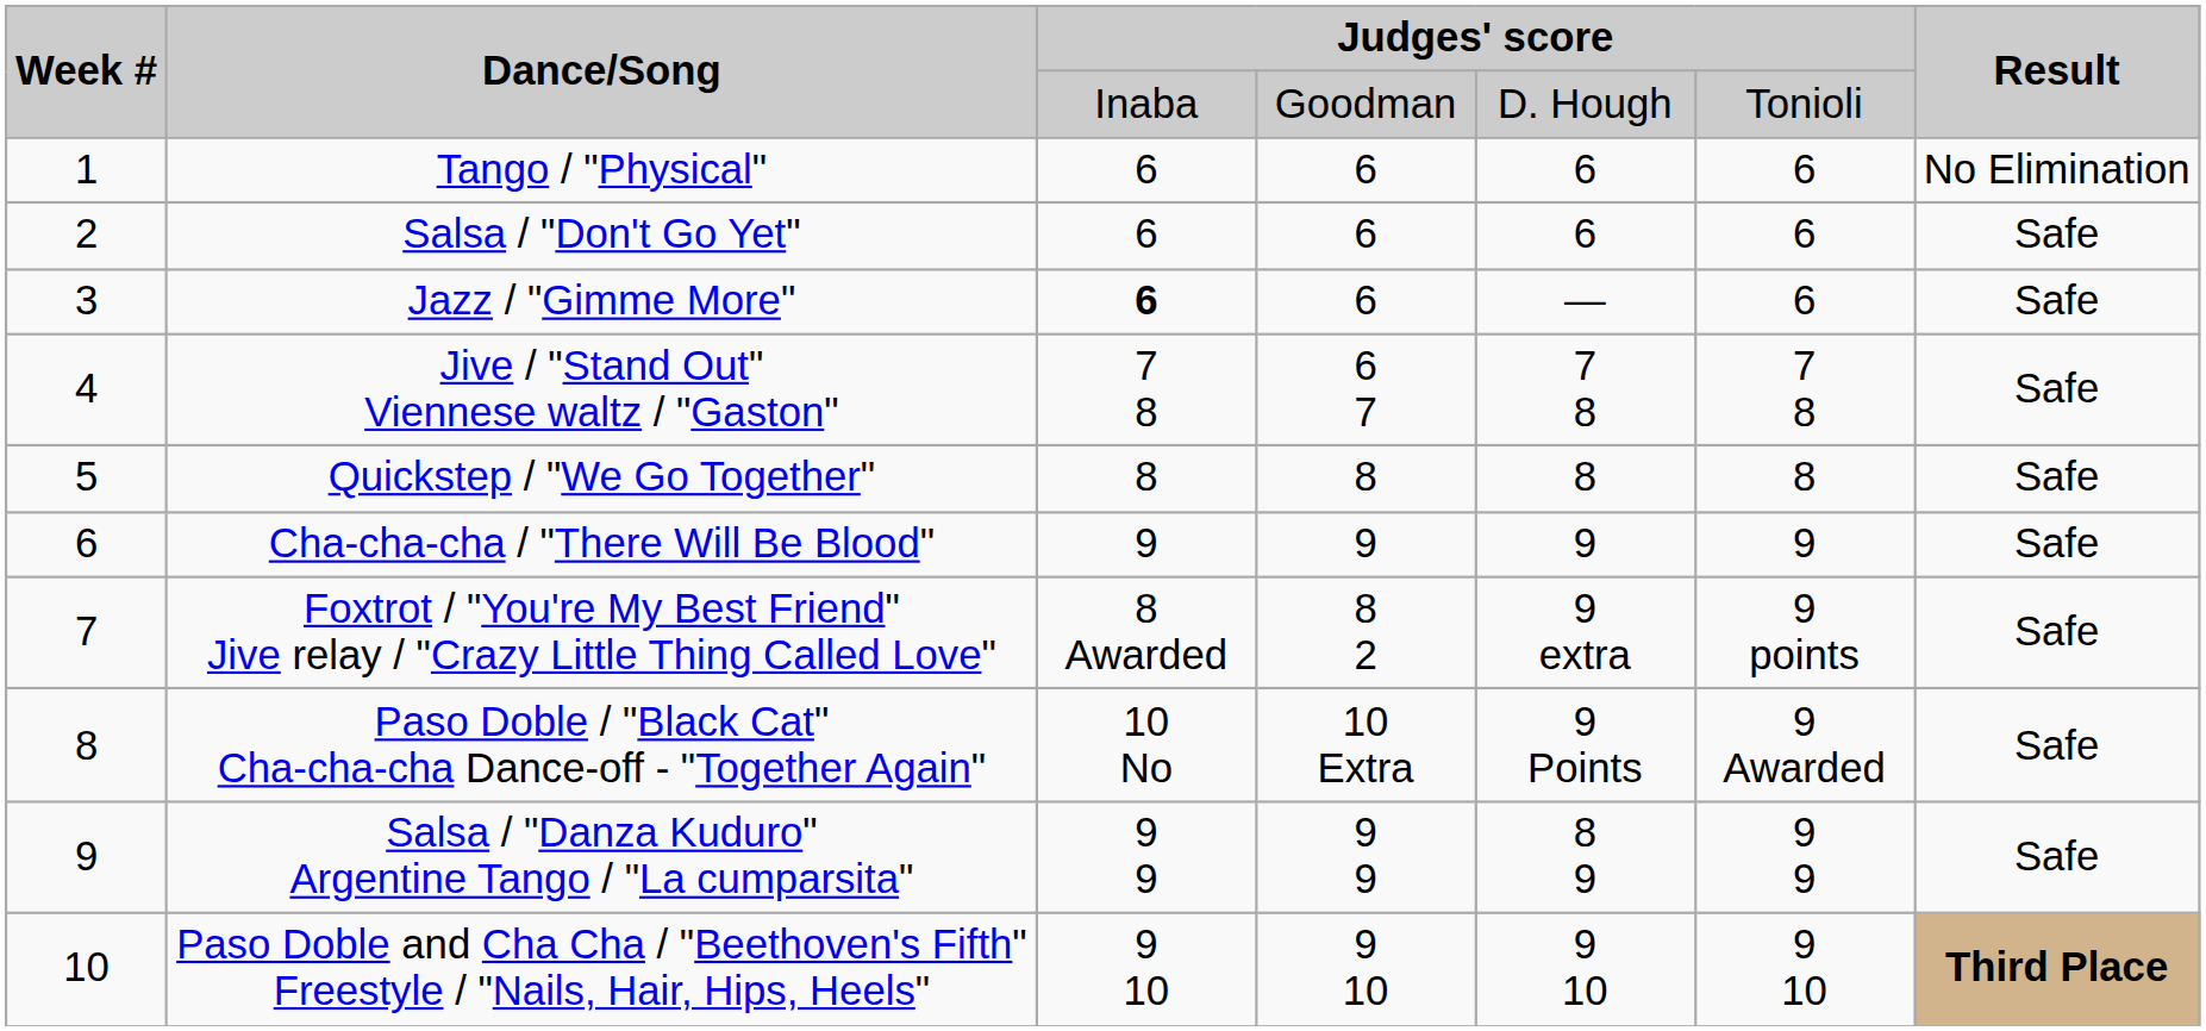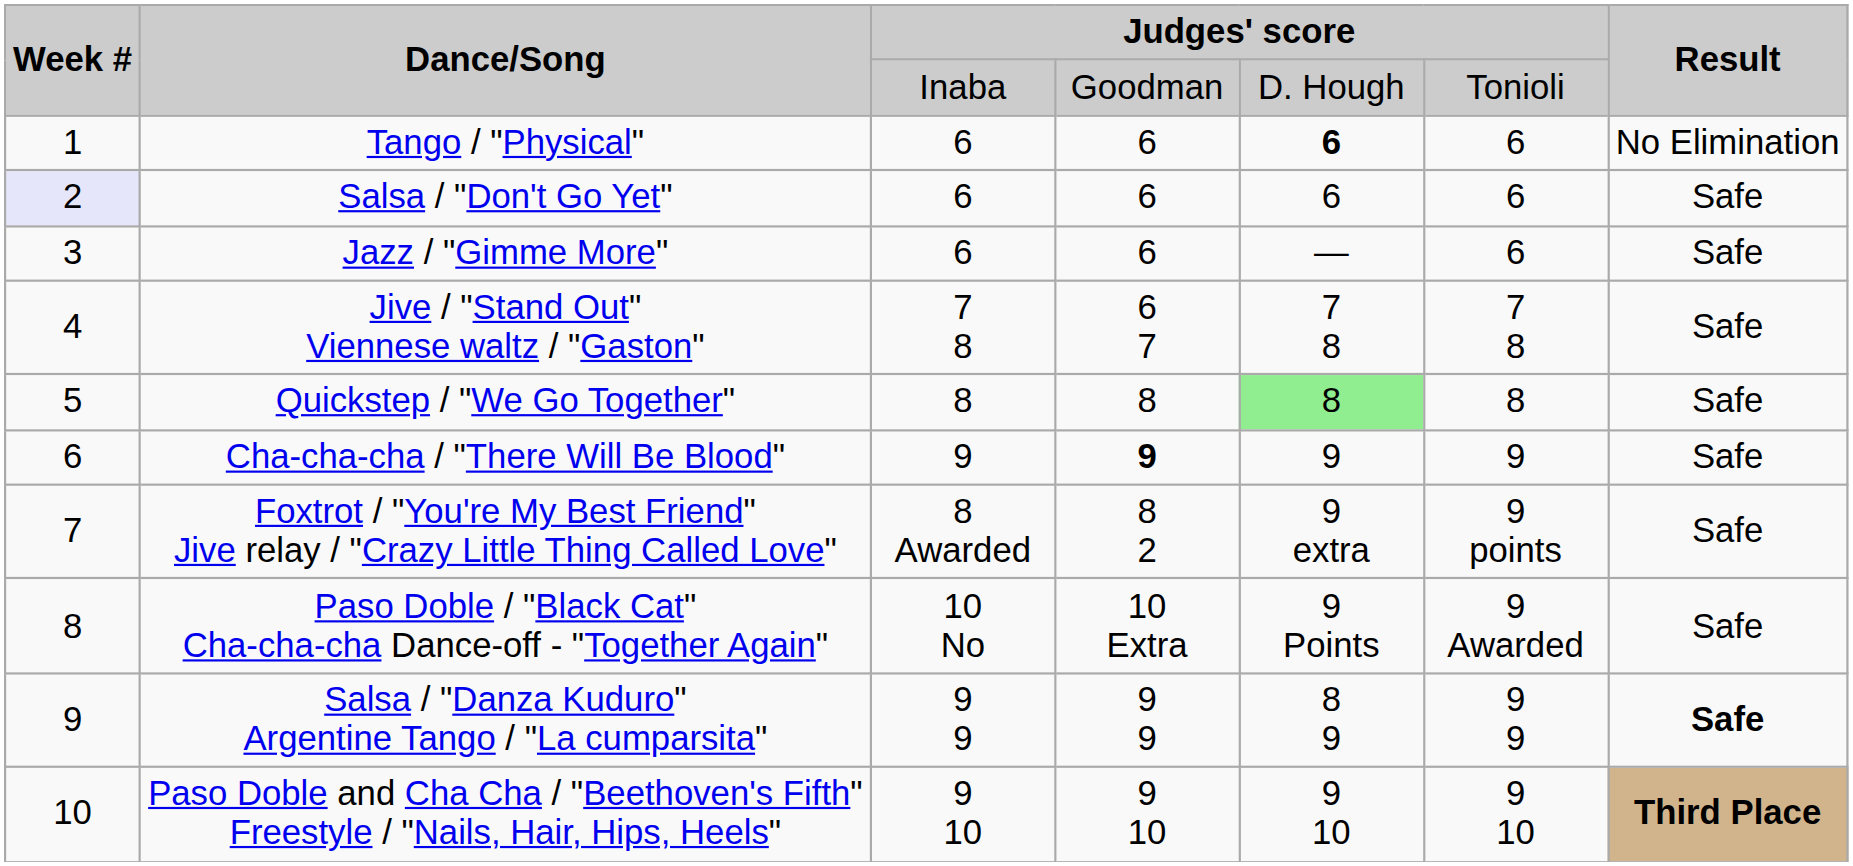 <table class="wikitable" style="text-align:center">
 <tr>
 <th rowspan="2" style="background:#ccc;">Week #</th>
 <th rowspan="2" style="background:#ccc;">Dance/Song</th>
 <th colspan="4" style="background:#ccc;">Judges' score</th>
 <th rowspan="2" style="background:#ccc;">Result</th>
 </tr>
 <tr style="background:#ccc;">
 <td style="width:10%;">Inaba</td>
 <td style="width:10%;">Goodman</td>
 <td style="width:10%;">D. Hough</td>
 <td style="width:10%;">Tonioli</td>
 </tr>
 <tr>
 <td>1</td>
 <td><a href='#'>Tango</a> / "<a href='#'>Physical</a>"</td>
 <td>6</td>
 <td>6</td>
-<td>6</td>
+<td><strong>6</strong></td>
 <td>6</td>
 <td>No Elimination</td>
 </tr>
 <tr>
-<td>2</td>
+<td style="background: lavender;">2</td>
 <td><a href='#'>Salsa</a> / "<a href='#'>Don't Go Yet</a>"</td>
 <td>6</td>
 <td>6</td>
 <td>6</td>
 <td>6</td>
 <td>Safe</td>
 </tr>
 <tr>
 <td>3</td>
 <td><a href='#'>Jazz</a> / "<a href='#'>Gimme More</a>"</td>
-<td><strong>6</strong></td>
+<td>6</td>
 <td>6</td>
 <td>—</td>
 <td>6</td>
 <td>Safe</td>
 </tr>
 <tr>
 <td>4</td>
 <td><a href='#'>Jive</a> / "<a href='#'>Stand Out</a>" <br><a href='#'>Viennese waltz</a> / "<a href='#'>Gaston</a>"</td>
 <td>7<br>8</td>
 <td>6<br>7</td>
 <td>7<br>8</td>
 <td>7<br>8</td>
 <td>Safe</td>
 </tr>
 <tr>
 <td>5</td>
 <td><a href='#'>Quickstep</a> / "<a href='#'>We Go Together</a>"</td>
 <td>8</td>
 <td>8</td>
-<td>8</td>
+<td style="background: lightgreen;">8</td>
 <td>8</td>
 <td>Safe</td>
 </tr>
 <tr>
 <td>6</td>
 <td><a href='#'>Cha-cha-cha</a> / "<a href='#'>There Will Be Blood</a>"</td>
 <td>9</td>
-<td>9</td>
+<td><strong>9</strong></td>
 <td>9</td>
 <td>9</td>
 <td>Safe</td>
 </tr>
 <tr>
 <td>7</td>
 <td><a href='#'>Foxtrot</a> / "<a href='#'>You're My Best Friend</a>"<br><a href='#'>Jive</a> relay / "<a href='#'>Crazy Little Thing Called Love</a>"</td>
 <td>8<br>Awarded</td>
 <td>8<br>2</td>
 <td>9<br>extra</td>
 <td>9<br>points</td>
 <td>Safe</td>
 </tr>
 <tr>
 <td>8</td>
 <td><a href='#'>Paso Doble</a> / "<a href='#'>Black Cat</a>"<br><a href='#'>Cha-cha-cha</a> Dance-off - "<a href='#'>Together Again</a>"</td>
 <td>10<br>No</td>
 <td>10<br>Extra</td>
 <td>9<br>Points</td>
 <td>9<br>Awarded</td>
 <td>Safe</td>
 </tr>
 <tr>
 <td>9</td>
 <td><a href='#'>Salsa</a> / "<a href='#'>Danza Kuduro</a>"<br><a href='#'>Argentine Tango</a> / "<a href='#'>La cumparsita</a>"</td>
 <td>9<br>9</td>
 <td>9<br>9</td>
 <td>8<br>9</td>
 <td>9<br>9</td>
-<td>Safe</td>
+<td><strong>Safe</strong></td>
 </tr>
 <tr>
 <td>10</td>
 <td><a href='#'>Paso Doble</a> and <a href='#'>Cha Cha</a> / "<a href='#'>Beethoven's Fifth</a>"<br><a href='#'>Freestyle</a> / "<a href='#'>Nails, Hair, Hips, Heels</a>"</td>
 <td>9<br>10</td>
 <td>9<br>10</td>
 <td>9<br>10</td>
 <td>9<br>10</td>
 <td style="text-align:center; background:tan;"><strong>Third Place</strong></td>
 </tr>
 </table>
